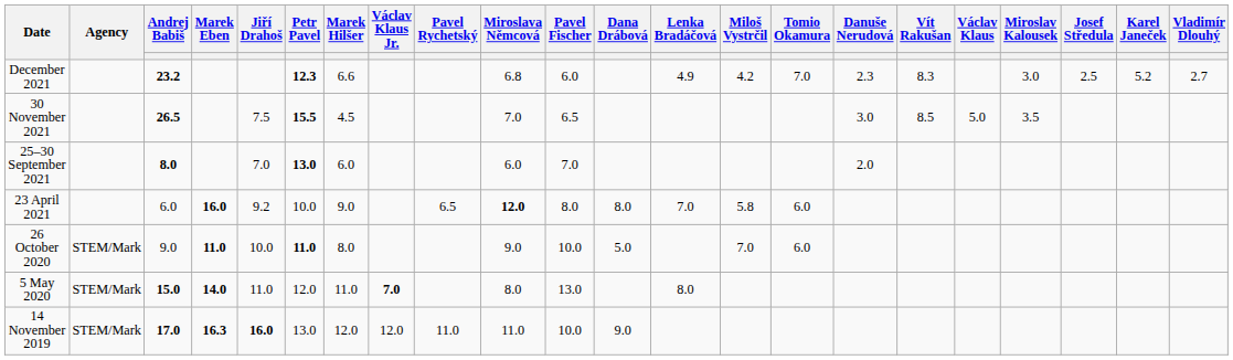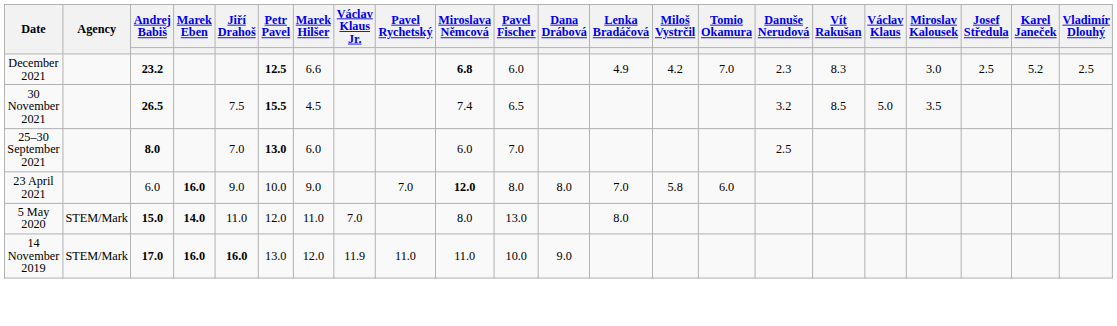 <table class="wikitable" style=text-align:center;font-size:85%;line-height:14px;">
 <tr>
 <th rowspan="2">Date</th>
 <th rowspan="2">Agency</th>
 <th><a href='#'>Andrej Babiš</a></th>
 <th><a href='#'>Marek Eben</a></th>
 <th><a href='#'>Jiří Drahoš</a></th>
 <th><a href='#'>Petr Pavel</a></th>
 <th><a href='#'>Marek Hilšer</a></th>
 <th><a href='#'>Václav Klaus Jr.</a></th>
 <th><a href='#'>Pavel Rychetský</a></th>
 <th><a href='#'>Miroslava Němcová</a></th>
 <th><a href='#'>Pavel Fischer</a></th>
 <th><a href='#'>Dana Drábová</a></th>
 <th><a href='#'>Lenka Bradáčová</a></th>
 <th><a href='#'>Miloš Vystrčil</a></th>
 <th><a href='#'>Tomio Okamura</a></th>
 <th><a href='#'>Danuše Nerudová</a></th>
 <th><a href='#'>Vít Rakušan</a></th>
 <th><a href='#'>Václav Klaus</a></th>
 <th><a href='#'>Miroslav Kalousek</a></th>
 <th><a href='#'>Josef Středula</a></th>
 <th><a href='#'>Karel Janeček</a></th>
 <th><a href='#'>Vladimír Dlouhý</a></th>
 </tr>
 <tr>
 <th style="background:"></th>
 <th style="background:"></th>
 <th style="background:"></th>
 <th style="background:"></th>
 <th style="background:"></th>
 <th style="background:"></th>
 <th style="background:"></th>
 <th style="background:"></th>
 <th style="background:"></th>
 <th style="background:"></th>
 <th style="background:"></th>
 <th style="background:"></th>
 <th style="background:"></th>
 <th style="background:"></th>
 <th style="background:"></th>
 <th style="background:"></th>
 <th style="background:"></th>
 <th style="background:"></th>
 <th style="background:"></th>
 <th style="background:"></th>
 </tr>
 <tr>
 <td>December 2021</td>
 <td></td>
 <td><strong>23.2</strong></td>
 <td></td>
 <td></td>
-<td><strong>12.3</strong></td>
+<td><strong>12.5</strong></td>
 <td>6.6</td>
 <td></td>
 <td></td>
-<td>6.8</td>
+<td><strong>6.8</strong></td>
 <td>6.0</td>
 <td></td>
 <td>4.9</td>
 <td>4.2</td>
 <td>7.0</td>
 <td>2.3</td>
 <td>8.3</td>
 <td></td>
 <td>3.0</td>
 <td>2.5</td>
 <td>5.2</td>
-<td>2.7</td>
+<td>2.5</td>
 </tr>
 <tr>
 <td>30 November 2021</td>
 <td></td>
 <td><strong>26.5</strong></td>
 <td></td>
 <td>7.5</td>
 <td><strong>15.5</strong></td>
 <td>4.5</td>
 <td></td>
 <td></td>
-<td>7.0</td>
+<td>7.4</td>
 <td>6.5</td>
 <td></td>
 <td></td>
 <td></td>
 <td></td>
-<td>3.0</td>
+<td>3.2</td>
 <td>8.5</td>
 <td>5.0</td>
 <td>3.5</td>
 <td></td>
 <td></td>
 <td></td>
 </tr>
 <tr>
 <td>25–30 September 2021</td>
 <td></td>
 <td><strong>8.0</strong></td>
 <td></td>
 <td>7.0</td>
 <td><strong>13.0</strong></td>
 <td>6.0</td>
 <td></td>
 <td></td>
 <td>6.0</td>
 <td>7.0</td>
 <td></td>
 <td></td>
 <td></td>
 <td></td>
-<td>2.0</td>
+<td>2.5</td>
 <td></td>
 <td></td>
 <td></td>
 <td></td>
 <td></td>
 <td></td>
 </tr>
 <tr>
 <td>23 April 2021</td>
 <td></td>
 <td>6.0</td>
 <td><strong>16.0</strong></td>
-<td>9.2</td>
+<td>9.0</td>
 <td>10.0</td>
 <td>9.0</td>
 <td></td>
-<td>6.5</td>
+<td>7.0</td>
 <td><strong>12.0</strong></td>
 <td>8.0</td>
 <td>8.0</td>
 <td>7.0</td>
 <td>5.8</td>
-<td>6.0</td>
-<td></td>
-<td></td>
-<td></td>
-<td></td>
-<td></td>
-<td></td>
-<td></td>
-</tr>
-<tr>
-<td>26 October 2020</td>
-<td>STEM/Mark</td>
-<td>9.0</td>
-<td><strong>11.0</strong></td>
-<td>10.0</td>
-<td><strong>11.0</strong></td>
-<td>8.0</td>
-<td></td>
-<td></td>
-<td>9.0</td>
-<td>10.0</td>
-<td>5.0</td>
-<td></td>
-<td>7.0</td>
 <td>6.0</td>
 <td></td>
 <td></td>
 <td></td>
 <td></td>
 <td></td>
 <td></td>
 <td></td>
 </tr>
 <tr>
 <td>5 May 2020</td>
 <td>STEM/Mark</td>
 <td><strong>15.0</strong></td>
 <td><strong>14.0</strong></td>
 <td>11.0</td>
 <td>12.0</td>
 <td>11.0</td>
-<td><strong>7.0</strong></td>
+<td>7.0</td>
 <td></td>
 <td>8.0</td>
 <td>13.0</td>
 <td></td>
 <td>8.0</td>
 <td></td>
 <td></td>
 <td></td>
 <td></td>
 <td></td>
 <td></td>
 <td></td>
 <td></td>
 <td></td>
 </tr>
 <tr>
 <td>14 November 2019</td>
 <td>STEM/Mark</td>
 <td><strong>17.0</strong></td>
-<td><strong>16.3</strong></td>
+<td><strong>16.0</strong></td>
 <td><strong>16.0</strong></td>
 <td>13.0</td>
 <td>12.0</td>
-<td>12.0</td>
+<td>11.9</td>
 <td>11.0</td>
 <td>11.0</td>
 <td>10.0</td>
 <td>9.0</td>
 <td></td>
 <td></td>
 <td></td>
 <td></td>
 <td></td>
 <td></td>
 <td></td>
 <td></td>
 <td></td>
 <td></td>
 </tr>
 </table>
